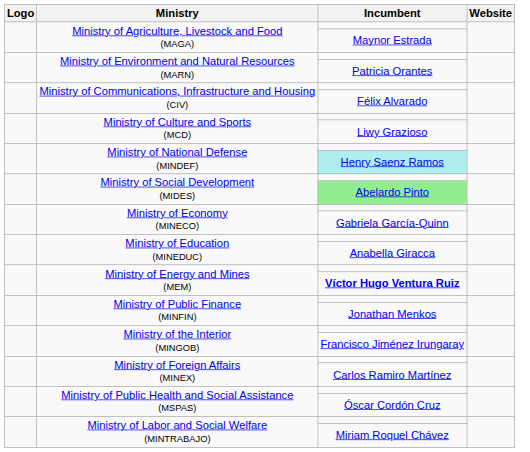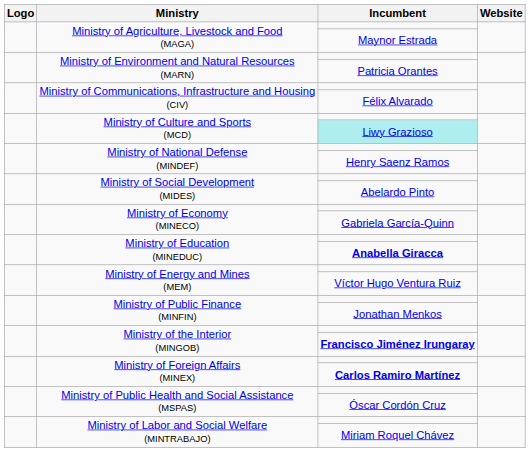 <table class="wikitable" style="text-align:Center">
 <tr>
 <th>Logo</th>
 <th>Ministry</th>
 <th>Incumbent</th>
 <th>Website</th>
 </tr>
 <tr>
 <td rowspan="2"></td>
 <td rowspan="2"><a href='#'>Ministry of Agriculture, Livestock and Food</a><br><small>(MAGA)</small></td>
 <td></td>
 <td rowspan=2></td>
 </tr>
 <tr>
 <td><a href='#'>Maynor Estrada</a></td>
 </tr>
 <tr>
 <td rowspan="2"></td>
 <td rowspan="2"><a href='#'>Ministry of Environment and Natural Resources</a><br><small>(MARN)</small></td>
 <td></td>
 <td rowspan=2><br></td>
 </tr>
 <tr>
 <td><a href='#'>Patricia Orantes</a></td>
 </tr>
 <tr>
 <td rowspan="2"></td>
 <td rowspan="2"><a href='#'>Ministry of Communications, Infrastructure and Housing</a><br><small>(CIV)</small></td>
 <td></td>
 <td rowspan=2></td>
 </tr>
 <tr>
 <td><a href='#'>Félix Alvarado </a></td>
 </tr>
 <tr>
 <td rowspan="2"></td>
 <td rowspan="2"><a href='#'>Ministry of Culture and Sports</a><br><small>(MCD)</small></td>
 <td></td>
 <td rowspan=2></td>
 </tr>
 <tr>
-<td><a href='#'>Liwy Grazioso</a></td>
+<td style="background: paleturquoise;"><a href='#'>Liwy Grazioso</a></td>
 </tr>
 <tr>
 <td rowspan="2"></td>
 <td rowspan="2"><a href='#'>Ministry of National Defense</a><br><small>(MINDEF)</small></td>
 <td></td>
 <td rowspan="2"></td>
 </tr>
 <tr>
-<td style="background: paleturquoise;"><a href='#'>Henry Saenz Ramos</a></td>
+<td><a href='#'>Henry Saenz Ramos</a></td>
 </tr>
 <tr>
 <td rowspan="2"></td>
 <td rowspan="2"><a href='#'>Ministry of Social Development</a><br><small>(MIDES)</small></td>
 <td></td>
 <td rowspan=2></td>
 </tr>
 <tr>
-<td style="background: lightgreen;"><a href='#'>Abelardo Pinto</a></td>
+<td><a href='#'>Abelardo Pinto</a></td>
 </tr>
 <tr>
 <td rowspan="2"></td>
 <td rowspan="2"><a href='#'>Ministry of Economy</a> <br><small>(MINECO)</small></td>
 <td></td>
 <td rowspan=2></td>
 </tr>
 <tr>
 <td><a href='#'>Gabriela García-Quinn</a></td>
 </tr>
 <tr>
 <td rowspan="2"></td>
 <td rowspan="2"><a href='#'>Ministry of Education</a><br><small>(MINEDUC)</small></td>
 <td></td>
 <td rowspan=2></td>
 </tr>
 <tr>
-<td><a href='#'>Anabella Giracca</a></td>
+<td><strong><a href='#'>Anabella Giracca</a></strong></td>
 </tr>
 <tr>
 <td rowspan="2"></td>
 <td rowspan="2"><a href='#'>Ministry of Energy and Mines</a><br><small>(MEM)</small></td>
 <td></td>
 <td rowspan=2></td>
 </tr>
 <tr>
-<td><strong><a href='#'>Víctor Hugo Ventura Ruiz</a></strong></td>
+<td><a href='#'>Víctor Hugo Ventura Ruiz</a></td>
 </tr>
 <tr>
 <td rowspan="2"></td>
 <td rowspan="2"><a href='#'>Ministry of Public Finance</a><br><small>(MINFIN)</small></td>
 <td></td>
 <td rowspan=2></td>
 </tr>
 <tr>
 <td><a href='#'>Jonathan Menkos</a></td>
 </tr>
 <tr>
 <td rowspan="2"></td>
 <td rowspan="2"><a href='#'>Ministry of the Interior</a><br><small>(MINGOB)</small></td>
 <td></td>
 <td rowspan=2></td>
 </tr>
 <tr>
-<td><a href='#'>Francisco Jiménez Irungaray</a></td>
+<td><strong><a href='#'>Francisco Jiménez Irungaray</a></strong></td>
 </tr>
 <tr>
 <td rowspan="2"></td>
 <td rowspan="2"><a href='#'>Ministry of Foreign Affairs</a> <br><small>(MINEX)</small></td>
 <td></td>
 <td rowspan=2></td>
 </tr>
 <tr>
-<td><a href='#'>Carlos Ramiro Martínez</a></td>
+<td><strong><a href='#'>Carlos Ramiro Martínez</a></strong></td>
 </tr>
 <tr>
 <td rowspan="2"></td>
 <td rowspan="2"><a href='#'>Ministry of Public Health and Social Assistance</a><br><small>(MSPAS)</small></td>
 <td></td>
 <td rowspan=2></td>
 </tr>
 <tr>
 <td><a href='#'>Óscar Cordón Cruz</a></td>
 </tr>
 <tr>
 <td rowspan="2"></td>
 <td rowspan="2"><a href='#'>Ministry of Labor and Social Welfare</a><br><small>(MINTRABAJO)</small></td>
 <td></td>
 <td rowspan=2></td>
 </tr>
 <tr>
 <td><a href='#'>Miriam Roquel Chávez</a></td>
 </tr>
 </table>
